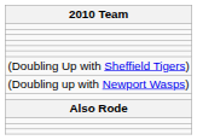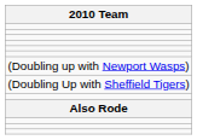 <table class="wikitable collapsible collapsed">
 <tr>
 <th>2010 Team</th>
 </tr>
 <tr>
 <td></td>
 </tr>
 <tr>
 <td></td>
 </tr>
 <tr>
 <td></td>
 </tr>
 <tr>
 <td></td>
 </tr>
 <tr>
 <td></td>
 </tr>
 <tr>
 <td></td>
 </tr>
 <tr>
-<td> (Doubling Up with <a href='#'>Sheffield Tigers</a>)</td>
+<td> (Doubling up with <a href='#'>Newport Wasps</a>)</td>
 </tr>
 <tr>
-<td> (Doubling up with <a href='#'>Newport Wasps</a>)</td>
+<td> (Doubling Up with <a href='#'>Sheffield Tigers</a>)</td>
 </tr>
 <tr>
 <td></td>
 </tr>
 <tr>
 <th>Also Rode</th>
 </tr>
 <tr>
 <td></td>
 </tr>
 <tr>
 <td></td>
 </tr>
 <tr>
 <td></td>
 </tr>
 </table>
